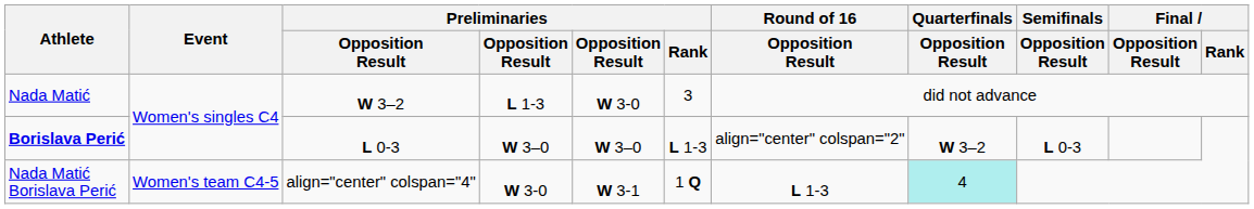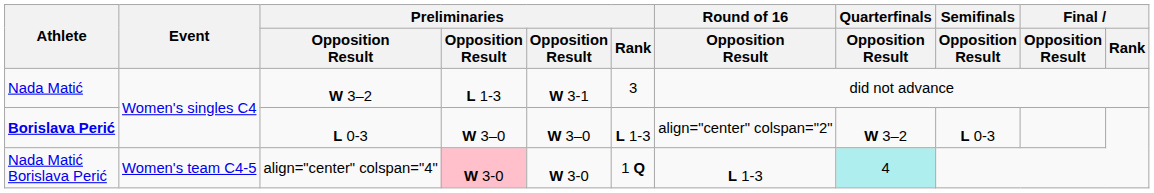 <table class=wikitable style="font-size:90%">
 <tr>
 <th rowspan="2">Athlete</th>
 <th rowspan="2">Event</th>
 <th colspan="4">Preliminaries</th>
 <th>Round of 16</th>
 <th>Quarterfinals</th>
 <th>Semifinals</th>
 <th colspan="2">Final / </th>
 </tr>
 <tr>
 <th>Opposition<br>Result</th>
 <th>Opposition<br>Result</th>
 <th>Opposition<br>Result</th>
 <th>Rank</th>
 <th>Opposition<br>Result</th>
 <th>Opposition<br>Result</th>
 <th>Opposition<br>Result</th>
 <th>Opposition<br>Result</th>
 <th>Rank</th>
 </tr>
 <tr>
 <td><a href='#'>Nada Matić</a></td>
 <td rowspan="2"><a href='#'>Women's singles C4</a></td>
 <td align="center"><br><strong>W</strong> 3–2</td>
 <td align="center"><br><strong>L</strong> 1-3</td>
-<td align="center"><br><strong>W</strong> 3-0</td>
+<td align="center"><br><strong>W</strong> 3-1</td>
 <td align="center">3</td>
 <td align="center" colspan="5">did not advance</td>
 </tr>
 <tr>
 <td><strong><a href='#'>Borislava Perić</a></strong></td>
 <td align="center"><br><strong>L</strong> 0-3</td>
 <td align="center"><br><strong>W</strong> 3–0</td>
 <td align="center"><br><strong>W</strong> 3–0</td>
 <td align="center"><br><strong>L</strong> 1-3</td>
 <td>align="center" colspan="2" </td>
 <td align="center"><br><strong>W</strong> 3–2</td>
 <td align="center"><br><strong>L</strong> 0-3</td>
 <td align="center"></td>
 </tr>
 <tr>
 <td><a href='#'>Nada Matić</a><br> <a href='#'>Borislava Perić</a></td>
 <td><a href='#'>Women's team C4-5</a></td>
 <td>align="center" colspan="4" </td>
+<td align="center" style="background: pink;"><br><strong>W</strong> 3-0</td>
 <td align="center"><br><strong>W</strong> 3-0</td>
-<td align="center"><br><strong>W</strong> 3-1</td>
 <td align="center">1 <strong>Q</strong></td>
 <td align="center"><br><strong>L</strong> 1-3</td>
 <td align="center" style="background: paleturquoise;">4</td>
 </tr>
 </table>
